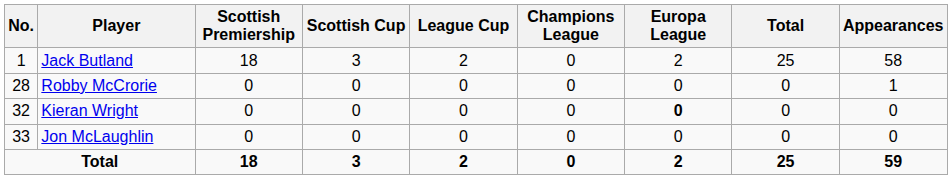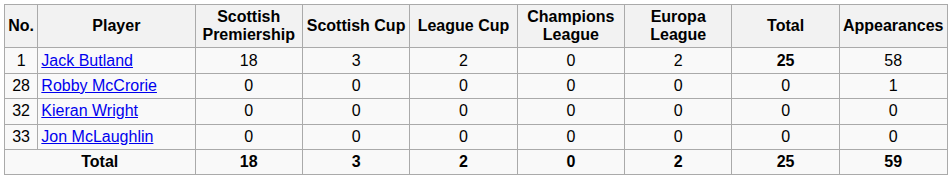 <table class="wikitable sortable alternance" ; style="text-align:center; ">
 <tr>
 <th width=10>No.</th>
 <th width=150>Player</th>
 <th width=100>Scottish Premiership</th>
 <th width=100>Scottish Cup</th>
 <th width=100>League Cup</th>
 <th width=100>Champions League</th>
 <th width=100>Europa League</th>
 <th width=100>Total</th>
 <th width=100>Appearances</th>
 </tr>
 <tr>
 <td>1</td>
 <td align=left><a href='#'>Jack Butland</a></td>
 <td>18</td>
 <td>3</td>
 <td>2</td>
 <td>0</td>
 <td>2</td>
-<td>25</td>
+<td><strong>25</strong></td>
 <td>58</td>
 </tr>
 <tr>
 <td>28</td>
 <td align=left><a href='#'>Robby McCrorie</a></td>
 <td>0</td>
 <td>0</td>
 <td>0</td>
 <td>0</td>
 <td>0</td>
 <td>0</td>
 <td>1</td>
 </tr>
 <tr>
 <td>32</td>
 <td align=left><a href='#'>Kieran Wright</a></td>
 <td>0</td>
 <td>0</td>
 <td>0</td>
 <td>0</td>
-<td><strong>0</strong></td>
+<td>0</td>
 <td>0</td>
 <td>0</td>
 </tr>
 <tr>
 <td>33</td>
 <td align=left><a href='#'>Jon McLaughlin</a></td>
 <td>0</td>
 <td>0</td>
 <td>0</td>
 <td>0</td>
 <td>0</td>
 <td>0</td>
 <td>0</td>
 </tr>
 <tr class="sortbottom">
 <td colspan=2><strong>Total</strong></td>
 <td><strong>18</strong></td>
 <td><strong>3</strong></td>
 <td><strong>2</strong></td>
 <td><strong>0</strong></td>
 <td><strong>2</strong></td>
 <td><strong>25</strong></td>
 <td><strong>59</strong></td>
 </tr>
 </table>
